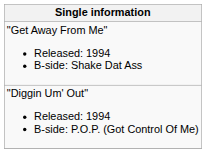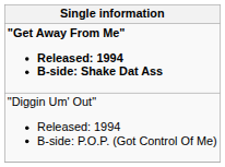 <table class="wikitable">
 <tr>
 <th>Single information</th>
 </tr>
 <tr>
-<td align="left">"Get Away From Me"<br><ul><li>Released: 1994</li><li>B-side: Shake Dat Ass</li></ul></td>
+<td align="left"><strong>"Get Away From Me"<br><ul><li>Released: 1994</li><li>B-side: Shake Dat Ass</li></ul></strong></td>
 </tr>
 <tr>
 <td align="left">"Diggin Um' Out"<br><ul><li>Released: 1994</li><li>B-side: P.O.P. (Got Control Of Me)</li></ul></td>
 </tr>
 <tr>
 </tr>
 </table>
